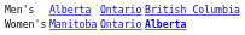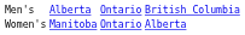 <table>
 <tr>
 <td>Men's</td>
 <td> <a href='#'>Alberta</a></td>
 <td> <a href='#'>Ontario</a></td>
 <td> <a href='#'>British Columbia</a></td>
 </tr>
 <tr>
 <td>Women's</td>
 <td> <a href='#'>Manitoba</a></td>
 <td> <a href='#'>Ontario</a></td>
-<td><strong> <a href='#'>Alberta</a></strong></td>
+<td> <a href='#'>Alberta</a></td>
 </tr>
 </table>
